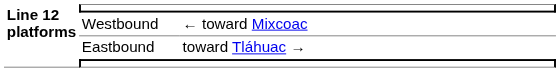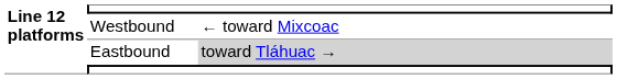 <table border=0 cellspacing=0 cellpadding=3>
 <tr>
 <td style="border-bottom:solid 1px gray;" width=50 rowspan=10 valign=top><strong>Line 12 platforms</strong></td>
 <td style="border-top:solid 1px gray;border-right:solid 2px black;border-left:solid 2px black;border-bottom:solid 2px black;text-align:center;" colspan=2></td>
 </tr>
 <tr>
 <td style="border-bottom:solid 1px gray;" width=100>Westbound</td>
 <td style="border-bottom:solid 1px gray;" width=390>←   toward <a href='#'>Mixcoac</a> </td>
 </tr>
 <tr>
 <td>Eastbound</td>
-<td>   toward <a href='#'>Tláhuac</a>  →</td>
+<td style="background: lightgrey;">   toward <a href='#'>Tláhuac</a>  →</td>
 </tr>
 <tr>
 <td style="border-top:solid 2px black;border-right:solid 2px black;border-left:solid 2px black;border-bottom:solid 1px gray;text-align:center;" colspan=2></td>
 </tr>
 </table>
